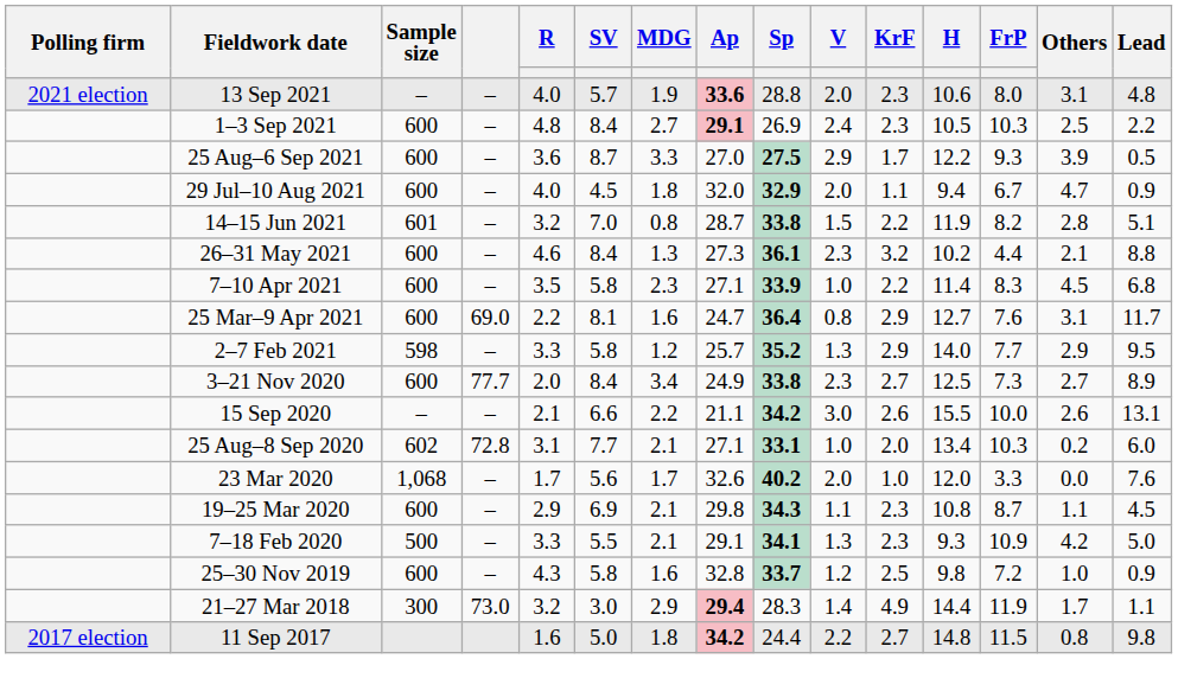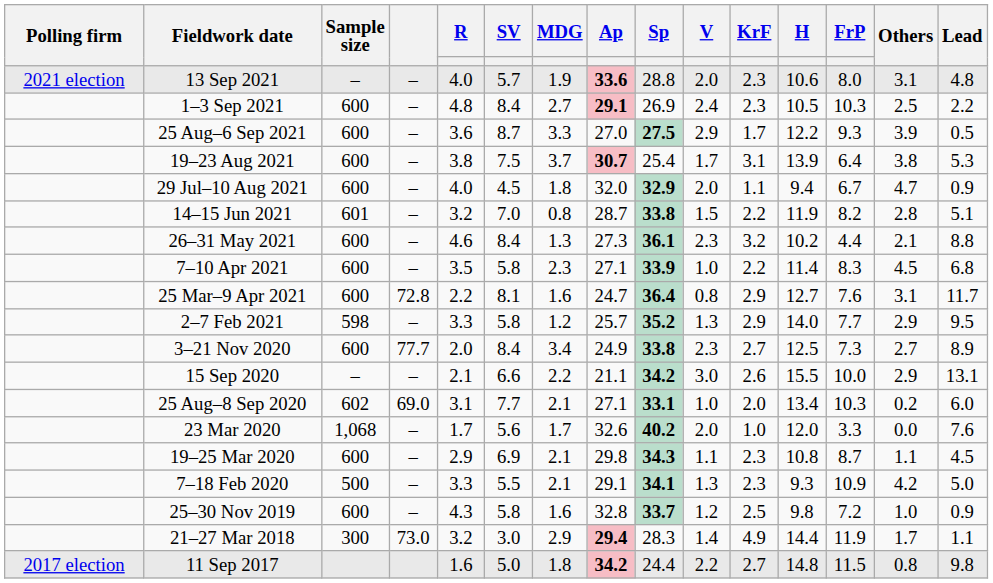 <table class="wikitable mw-collapsible sortable" style="text-align:center;font-size:90%;line-height:14px;">
 <tr style="height:40px;">
 <th rowspan="2" style="width:100px;">Polling firm</th>
 <th rowspan="2" style="width:130px;">Fieldwork date</th>
 <th rowspan="2" style="width:35px;">Sample<br>size</th>
 <th rowspan="2" style="width:30px;"></th>
 <th class="unsortable" style="width:30px;"><a href='#'>R</a></th>
 <th class="unsortable" style="width:30px;"><a href='#'>SV</a></th>
 <th class="unsortable" style="width:30px;"><a href='#'>MDG</a></th>
 <th class="unsortable" style="width:30px;"><a href='#'>Ap</a></th>
 <th class="unsortable" style="width:30px;"><a href='#'>Sp</a></th>
 <th class="unsortable" style="width:30px;"><a href='#'>V</a></th>
 <th class="unsortable" style="width:30px;"><a href='#'>KrF</a></th>
 <th class="unsortable" style="width:30px;"><a href='#'>H</a></th>
 <th class="unsortable" style="width:30px;"><a href='#'>FrP</a></th>
 <th class="unsortable" style="width:20px;" rowspan="2">Others</th>
 <th rowspan="2" style="width:30px;">Lead</th>
 </tr>
 <tr>
 <th style="background:"></th>
 <th style="background:"></th>
 <th style="background:"></th>
 <th style="background:"></th>
 <th style="background:"></th>
 <th style="background:"></th>
 <th style="background:"></th>
 <th style="background:"></th>
 <th style="background:"></th>
 </tr>
 <tr style="background:#E9E9E9;">
 <td><a href='#'>2021 election</a></td>
 <td>13 Sep 2021</td>
 <td>–</td>
 <td>–</td>
 <td>4.0</td>
 <td>5.7</td>
 <td>1.9</td>
 <td style="background:#F7BDC5;"><strong>33.6</strong></td>
 <td>28.8</td>
 <td>2.0</td>
 <td>2.3</td>
 <td>10.6</td>
 <td>8.0</td>
 <td>3.1</td>
 <td style="background:">4.8</td>
 </tr>
 <tr>
 <td></td>
 <td>1–3 Sep 2021</td>
 <td>600</td>
 <td>–</td>
 <td>4.8</td>
 <td>8.4</td>
 <td>2.7</td>
 <td style="background:#F7BDC5;"><strong>29.1</strong></td>
 <td>26.9</td>
 <td>2.4</td>
 <td>2.3</td>
 <td>10.5</td>
 <td>10.3</td>
 <td>2.5</td>
 <td style="background:">2.2</td>
 </tr>
 <tr>
 <td></td>
 <td>25 Aug–6 Sep 2021</td>
 <td>600</td>
 <td>–</td>
 <td>3.6</td>
 <td>8.7</td>
 <td>3.3</td>
 <td>27.0</td>
 <td style="background:#BADECC;"><strong>27.5</strong></td>
 <td>2.9</td>
 <td>1.7</td>
 <td>12.2</td>
 <td>9.3</td>
 <td>3.9</td>
 <td style="background:">0.5</td>
 </tr>
 <tr>
 <td></td>
+<td>19–23 Aug 2021</td>
+<td>600</td>
+<td>–</td>
+<td>3.8</td>
+<td>7.5</td>
+<td>3.7</td>
+<td style="background:#F7BDC5;"><strong>30.7</strong></td>
+<td>25.4</td>
+<td>1.7</td>
+<td>3.1</td>
+<td>13.9</td>
+<td>6.4</td>
+<td>3.8</td>
+<td style="background:">5.3</td>
+</tr>
+<tr>
+<td></td>
 <td>29 Jul–10 Aug 2021</td>
 <td>600</td>
 <td>–</td>
 <td>4.0</td>
 <td>4.5</td>
 <td>1.8</td>
 <td>32.0</td>
 <td style="background:#BADECC;"><strong>32.9</strong></td>
 <td>2.0</td>
 <td>1.1</td>
 <td>9.4</td>
 <td>6.7</td>
 <td>4.7</td>
 <td style="background:">0.9</td>
 </tr>
 <tr>
 <td></td>
 <td>14–15 Jun 2021</td>
 <td>601</td>
 <td>–</td>
 <td>3.2</td>
 <td>7.0</td>
 <td>0.8</td>
 <td>28.7</td>
 <td style="background:#BADECC;"><strong>33.8</strong></td>
 <td>1.5</td>
 <td>2.2</td>
 <td>11.9</td>
 <td>8.2</td>
 <td>2.8</td>
 <td style="background:">5.1</td>
 </tr>
 <tr>
 <td></td>
 <td>26–31 May 2021</td>
 <td>600</td>
 <td>–</td>
 <td>4.6</td>
 <td>8.4</td>
 <td>1.3</td>
 <td>27.3</td>
 <td style="background:#BADECC;"><strong>36.1</strong></td>
 <td>2.3</td>
 <td>3.2</td>
 <td>10.2</td>
 <td>4.4</td>
 <td>2.1</td>
 <td style="background:">8.8</td>
 </tr>
 <tr>
 <td></td>
 <td>7–10 Apr 2021</td>
 <td>600</td>
 <td>–</td>
 <td>3.5</td>
 <td>5.8</td>
 <td>2.3</td>
 <td>27.1</td>
 <td style="background:#BADECC;"><strong>33.9</strong></td>
 <td>1.0</td>
 <td>2.2</td>
 <td>11.4</td>
 <td>8.3</td>
 <td>4.5</td>
 <td style="background:">6.8</td>
 </tr>
 <tr>
 <td></td>
 <td>25 Mar–9 Apr 2021</td>
 <td>600</td>
-<td>69.0</td>
+<td>72.8</td>
 <td>2.2</td>
 <td>8.1</td>
 <td>1.6</td>
 <td>24.7</td>
 <td style="background:#BADECC;"><strong>36.4</strong></td>
 <td>0.8</td>
 <td>2.9</td>
 <td>12.7</td>
 <td>7.6</td>
 <td>3.1</td>
 <td style="background:">11.7</td>
 </tr>
 <tr>
 <td></td>
 <td>2–7 Feb 2021</td>
 <td>598</td>
 <td>–</td>
 <td>3.3</td>
 <td>5.8</td>
 <td>1.2</td>
 <td>25.7</td>
 <td style="background:#BADECC;"><strong>35.2</strong></td>
 <td>1.3</td>
 <td>2.9</td>
 <td>14.0</td>
 <td>7.7</td>
 <td>2.9</td>
 <td style="background:">9.5</td>
 </tr>
 <tr>
 <td></td>
 <td>3–21 Nov 2020</td>
 <td>600</td>
 <td>77.7</td>
 <td>2.0</td>
 <td>8.4</td>
 <td>3.4</td>
 <td>24.9</td>
 <td style="background:#BADECC;"><strong>33.8</strong></td>
 <td>2.3</td>
 <td>2.7</td>
 <td>12.5</td>
 <td>7.3</td>
 <td>2.7</td>
 <td style="background:">8.9</td>
 </tr>
 <tr>
 <td></td>
 <td>15 Sep 2020</td>
 <td>–</td>
 <td>–</td>
 <td>2.1</td>
 <td>6.6</td>
 <td>2.2</td>
 <td>21.1</td>
 <td style="background:#BADECC;"><strong>34.2</strong></td>
 <td>3.0</td>
 <td>2.6</td>
 <td>15.5</td>
 <td>10.0</td>
-<td>2.6</td>
+<td>2.9</td>
 <td style="background:">13.1</td>
 </tr>
 <tr>
 <td></td>
 <td>25 Aug–8 Sep 2020</td>
 <td>602</td>
-<td>72.8</td>
+<td>69.0</td>
 <td>3.1</td>
 <td>7.7</td>
 <td>2.1</td>
 <td>27.1</td>
 <td style="background:#BADECC;"><strong>33.1</strong></td>
 <td>1.0</td>
 <td>2.0</td>
 <td>13.4</td>
 <td>10.3</td>
 <td>0.2</td>
 <td style="background:">6.0</td>
 </tr>
 <tr>
 <td></td>
 <td>23 Mar 2020</td>
 <td>1,068</td>
 <td>–</td>
 <td>1.7</td>
 <td>5.6</td>
 <td>1.7</td>
 <td>32.6</td>
 <td style="background:#BADECC;"><strong>40.2</strong></td>
 <td>2.0</td>
 <td>1.0</td>
 <td>12.0</td>
 <td>3.3</td>
 <td>0.0</td>
 <td style="background:">7.6</td>
 </tr>
 <tr>
 <td></td>
 <td>19–25 Mar 2020</td>
 <td>600</td>
 <td>–</td>
 <td>2.9</td>
 <td>6.9</td>
 <td>2.1</td>
 <td>29.8</td>
 <td style="background:#BADECC;"><strong>34.3</strong></td>
 <td>1.1</td>
 <td>2.3</td>
 <td>10.8</td>
 <td>8.7</td>
 <td>1.1</td>
 <td style="background:">4.5</td>
 </tr>
 <tr>
 <td></td>
 <td>7–18 Feb 2020</td>
 <td>500</td>
 <td>–</td>
 <td>3.3</td>
 <td>5.5</td>
 <td>2.1</td>
 <td>29.1</td>
 <td style="background:#BADECC;"><strong>34.1</strong></td>
 <td>1.3</td>
 <td>2.3</td>
 <td>9.3</td>
 <td>10.9</td>
 <td>4.2</td>
 <td style="background:">5.0</td>
 </tr>
 <tr>
 <td></td>
 <td data-sort-value="2017-12-20">25–30 Nov 2019</td>
 <td>600</td>
 <td>–</td>
 <td>4.3</td>
 <td>5.8</td>
 <td>1.6</td>
 <td>32.8</td>
 <td style="background:#BADECC;"><strong>33.7</strong></td>
 <td>1.2</td>
 <td>2.5</td>
 <td>9.8</td>
 <td>7.2</td>
 <td>1.0</td>
 <td style="background:">0.9</td>
 </tr>
 <tr>
 <td></td>
 <td>21–27 Mar 2018</td>
 <td>300</td>
 <td>73.0</td>
 <td>3.2</td>
 <td>3.0</td>
 <td>2.9</td>
 <td style="background:#F7BDC5;"><strong>29.4</strong></td>
 <td>28.3</td>
 <td>1.4</td>
 <td>4.9</td>
 <td>14.4</td>
 <td>11.9</td>
 <td>1.7</td>
 <td style="background:">1.1</td>
 </tr>
 <tr style="background:#E9E9E9;">
 <td><a href='#'>2017 election</a></td>
 <td>11 Sep 2017</td>
 <td></td>
 <td></td>
 <td>1.6</td>
 <td>5.0</td>
 <td>1.8</td>
 <td style="background:#F7BDC5;"><strong>34.2</strong></td>
 <td>24.4</td>
 <td>2.2</td>
 <td>2.7</td>
 <td>14.8</td>
 <td>11.5</td>
 <td>0.8</td>
 <td style="background:">9.8</td>
 </tr>
 </table>
